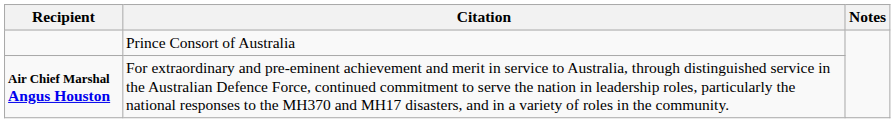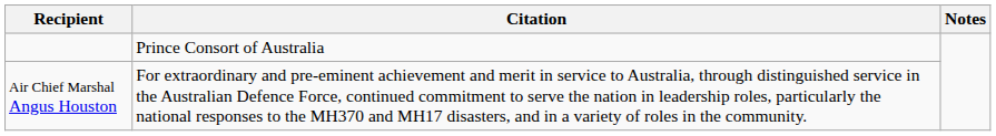 <table class="wikitable" style="font-size:95%;">
 <tr>
 <th>Recipient</th>
 <th>Citation</th>
 <th>Notes</th>
 </tr>
 <tr>
 <td></td>
 <td>Prince Consort of Australia</td>
 <td rowspan=2></td>
 </tr>
 <tr>
-<td><strong><small>Air Chief Marshal</small> <a href='#'>Angus Houston</a> </strong></td>
+<td><small>Air Chief Marshal</small> <a href='#'>Angus Houston</a> </td>
 <td>For extraordinary and pre-eminent achievement and merit in service to Australia, through distinguished service in the Australian Defence Force, continued commitment to serve the nation in leadership roles, particularly the national responses to the MH370 and MH17 disasters, and in a variety of roles in the community.</td>
 </tr>
 </table>
